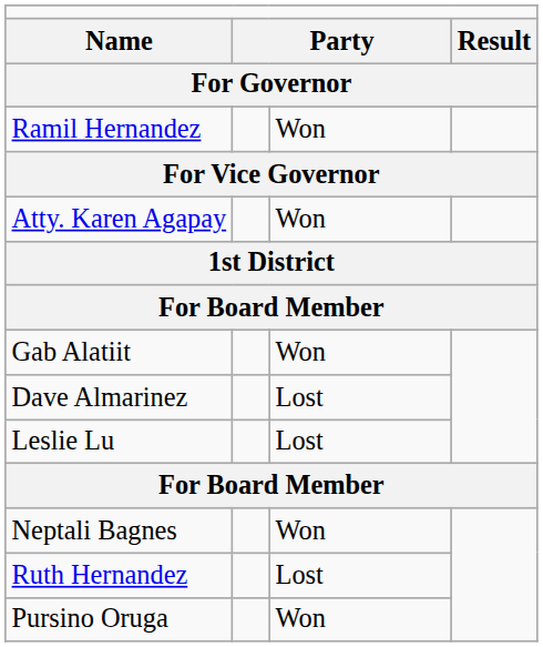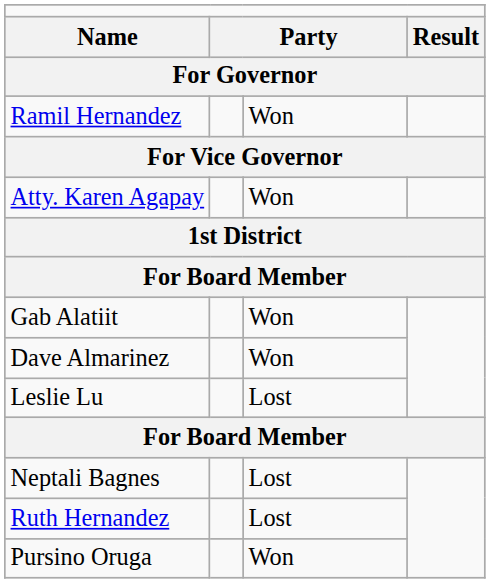 <table class="wikitable" style="font-size:90%">
 <tr>
 <td colspan="5" style="color:inherit;background:"></td>
 </tr>
 <tr>
 <th !width=150px>Name</th>
 <th colspan=2 width=110px>Party</th>
 <th>Result</th>
 </tr>
 <tr>
 <th colspan="5">For Governor</th>
 </tr>
 <tr>
 <td><a href='#'>Ramil Hernandez</a></td>
 <td></td>
 <td>Won</td>
 </tr>
 <tr>
 <th colspan="5">For Vice Governor</th>
 </tr>
 <tr>
 <td><a href='#'>Atty. Karen Agapay</a></td>
 <td></td>
 <td>Won</td>
 </tr>
 <tr>
 <th colspan="5">1st District</th>
 </tr>
 <tr>
 <th colspan="5">For Board Member</th>
 </tr>
 <tr>
 <td>Gab Alatiit</td>
 <td></td>
 <td>Won</td>
 </tr>
 <tr>
 <td>Dave Almarinez</td>
 <td></td>
-<td>Lost</td>
+<td>Won</td>
 </tr>
 <tr>
 <td>Leslie Lu</td>
 <td></td>
 <td>Lost</td>
 </tr>
 <tr>
 <th colspan="5">For Board Member</th>
 </tr>
 <tr>
 <td>Neptali Bagnes</td>
 <td></td>
-<td>Won</td>
+<td>Lost</td>
 </tr>
 <tr>
 <td><a href='#'>Ruth Hernandez</a></td>
 <td></td>
 <td>Lost</td>
 </tr>
 <tr>
 <td>Pursino Oruga</td>
 <td></td>
 <td>Won</td>
 </tr>
 </table>
